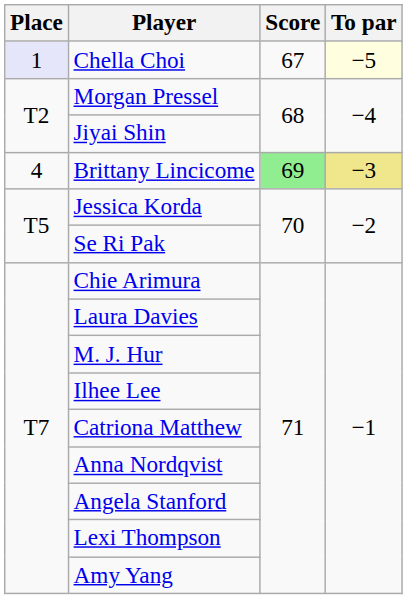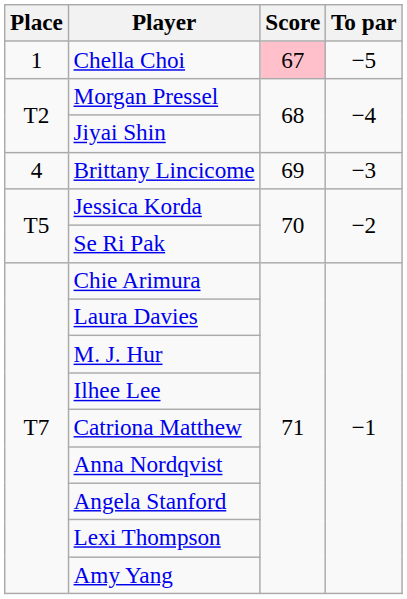 <table class="wikitable">
 <tr>
 <th>Place</th>
 <th>Player</th>
 <th>Score</th>
 <th>To par</th>
 </tr>
 <tr>
-<td align=center style="background: lavender;">1</td>
+<td align=center>1</td>
 <td> <a href='#'>Chella Choi</a></td>
-<td align=center>67</td>
-<td align=center style="background: lightyellow;">−5</td>
+<td align=center style="background: pink;">67</td>
+<td align=center>−5</td>
 </tr>
 <tr>
 <td align=center rowspan=2>T2</td>
 <td> <a href='#'>Morgan Pressel</a></td>
 <td align=center rowspan=2>68</td>
 <td align=center rowspan=2>−4</td>
 </tr>
 <tr>
 <td> <a href='#'>Jiyai Shin</a></td>
 </tr>
 <tr>
 <td align=center>4</td>
 <td> <a href='#'>Brittany Lincicome</a></td>
-<td align=center style="background: lightgreen;">69</td>
-<td align=center style="background: khaki;">−3</td>
+<td align=center>69</td>
+<td align=center>−3</td>
 </tr>
 <tr>
 <td align=center rowspan=2>T5</td>
 <td> <a href='#'>Jessica Korda</a></td>
 <td align=center rowspan=2>70</td>
 <td align=center rowspan=2>−2</td>
 </tr>
 <tr>
 <td> <a href='#'>Se Ri Pak</a></td>
 </tr>
 <tr>
 <td align=center rowspan=9>T7</td>
 <td> <a href='#'>Chie Arimura</a></td>
 <td align=center rowspan=9>71</td>
 <td align=center rowspan=9>−1</td>
 </tr>
 <tr>
 <td> <a href='#'>Laura Davies</a></td>
 </tr>
 <tr>
 <td> <a href='#'>M. J. Hur</a></td>
 </tr>
 <tr>
 <td> <a href='#'>Ilhee Lee</a></td>
 </tr>
 <tr>
 <td> <a href='#'>Catriona Matthew</a></td>
 </tr>
 <tr>
 <td> <a href='#'>Anna Nordqvist</a></td>
 </tr>
 <tr>
 <td> <a href='#'>Angela Stanford</a></td>
 </tr>
 <tr>
 <td> <a href='#'>Lexi Thompson</a></td>
 </tr>
 <tr>
 <td> <a href='#'>Amy Yang</a></td>
 </tr>
 </table>
